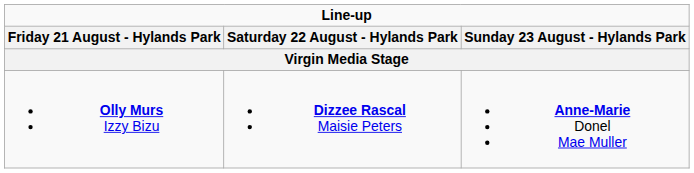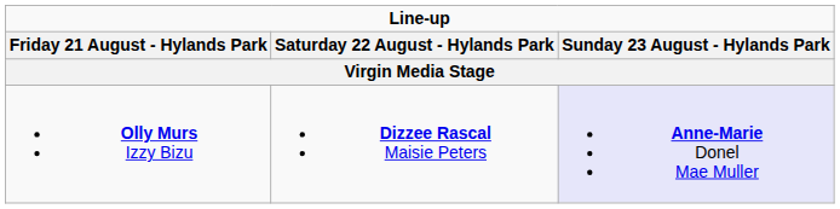 <table class="wikitable">
 <tr>
 <td colspan="3" style="text-align:center;"><strong>Line-up</strong></td>
 </tr>
 <tr>
 <th>Friday 21 August - Hylands Park</th>
 <th>Saturday 22 August - Hylands Park</th>
 <th>Sunday 23 August - Hylands Park</th>
 </tr>
 <tr>
 <th colspan="3" style="text-align:center;"><strong>Virgin Media Stage</strong></th>
 </tr>
 <tr>
 <td style="text-align:center; vertical-align:top;"><br><ul><li><strong><a href='#'>Olly Murs</a></strong></li><li><a href='#'>Izzy Bizu</a></li></ul></td>
 <td style="text-align:center; vertical-align:top;"><br><ul><li><strong><a href='#'>Dizzee Rascal</a></strong></li><li><a href='#'>Maisie Peters</a></li></ul></td>
-<td style="text-align:center; vertical-align:top;"><br><ul><li><strong><a href='#'>Anne-Marie</a></strong></li><li>Donel</li><li><a href='#'>Mae Muller</a></li></ul></td>
+<td style="background: lavender; text-align:center; vertical-align:top;"><br><ul><li><strong><a href='#'>Anne-Marie</a></strong></li><li>Donel</li><li><a href='#'>Mae Muller</a></li></ul></td>
 </tr>
 </table>
